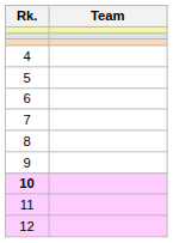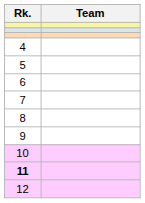 <table class="wikitable" style="border:1px solid #AAAAAA;font-size:90%">
 <tr bgcolor="#E4E4E4">
 <th style="border-bottom:1px solid #AAAAAA" width=40>Rk.</th>
 <th style="border-bottom:1px solid #AAAAAA" width=120>Team</th>
 </tr>
 <tr bgcolor="#F7F6A8">
 <td align="center"></td>
 <td></td>
 </tr>
 <tr bgcolor="#DCE5E5">
 <td align="center"></td>
 <td></td>
 </tr>
 <tr bgcolor="#FFDAB9">
 <td align="center"></td>
 <td></td>
 </tr>
 <tr style="background:#ffffff;">
 <td align="center">4</td>
 <td></td>
 </tr>
 <tr style="background:#ffffff;">
 <td align="center">5</td>
 <td></td>
 </tr>
 <tr style="background:#ffffff;">
 <td align="center">6</td>
 <td></td>
 </tr>
 <tr style="background:#ffffff;">
 <td align="center">7</td>
 <td></td>
 </tr>
 <tr style="background:#ffffff;">
 <td align="center">8</td>
 <td></td>
 </tr>
 <tr style="background:#ffffff;">
 <td align="center">9</td>
 <td></td>
 </tr>
 <tr style="background:#ffccff;">
-<td align="center"><strong>10</strong></td>
+<td align="center">10</td>
 <td></td>
 </tr>
 <tr style="background:#ffccff;">
-<td align="center">11</td>
+<td align="center"><strong>11</strong></td>
 <td></td>
 </tr>
 <tr style="background:#ffccff;">
 <td align="center">12</td>
 <td></td>
 </tr>
 </table>
